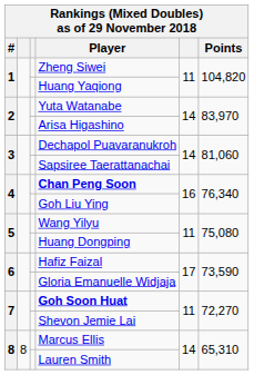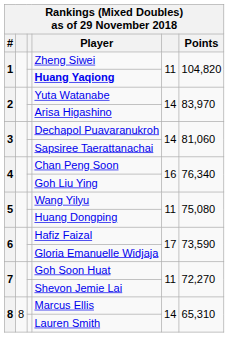 <table class="sortable wikitable">
 <tr>
 <th colspan="6">Rankings (Mixed Doubles)<br>as of 29 November 2018</th>
 </tr>
 <tr>
 <th>#</th>
 <th></th>
 <th></th>
 <th>Player</th>
 <th></th>
 <th>Points</th>
 </tr>
 <tr>
 <th rowspan="2">1</th>
 <td rowspan="2" align="center"></td>
 <td></td>
 <td><a href='#'>Zheng Siwei</a></td>
 <td align="center" rowspan="2">11</td>
 <td rowspan="2">104,820</td>
 </tr>
 <tr>
 <td></td>
-<td><a href='#'>Huang Yaqiong</a></td>
+<td><strong><a href='#'>Huang Yaqiong</a></strong></td>
 </tr>
 <tr>
 <th rowspan="2">2</th>
 <td rowspan="2" align="center"></td>
 <td></td>
 <td><a href='#'>Yuta Watanabe</a></td>
 <td align="center" rowspan="2">14</td>
 <td rowspan="2">83,970</td>
 </tr>
 <tr>
 <td></td>
 <td><a href='#'>Arisa Higashino</a></td>
 </tr>
 <tr>
 <th rowspan="2">3</th>
 <td rowspan="2" align="center"></td>
 <td></td>
 <td><a href='#'>Dechapol Puavaranukroh</a></td>
 <td align="center" rowspan="2">14</td>
 <td rowspan="2">81,060</td>
 </tr>
 <tr>
 <td></td>
 <td><a href='#'>Sapsiree Taerattanachai</a></td>
 </tr>
 <tr>
 <th rowspan="2">4</th>
 <td rowspan="2" align="center"></td>
 <td></td>
-<td><strong><a href='#'>Chan Peng Soon</a></strong></td>
+<td><a href='#'>Chan Peng Soon</a></td>
 <td align="center" rowspan="2">16</td>
 <td rowspan="2">76,340</td>
 </tr>
 <tr>
 <td></td>
 <td><a href='#'>Goh Liu Ying</a></td>
 </tr>
 <tr>
 <th rowspan="2">5</th>
 <td rowspan="2" align="center"></td>
 <td></td>
 <td><a href='#'>Wang Yilyu</a></td>
 <td align="center" rowspan="2">11</td>
 <td rowspan="2">75,080</td>
 </tr>
 <tr>
 <td></td>
 <td><a href='#'>Huang Dongping</a></td>
 </tr>
 <tr>
 <th rowspan="2">6</th>
 <td rowspan="2" align="center"></td>
 <td></td>
 <td><a href='#'>Hafiz Faizal</a></td>
 <td align="center" rowspan="2">17</td>
 <td rowspan="2">73,590</td>
 </tr>
 <tr>
 <td></td>
 <td><a href='#'>Gloria Emanuelle Widjaja</a></td>
 </tr>
 <tr>
 <th rowspan="2">7</th>
 <td rowspan="2" align="center"></td>
 <td></td>
-<td><strong><a href='#'>Goh Soon Huat</a></strong></td>
+<td><a href='#'>Goh Soon Huat</a></td>
 <td align="center" rowspan="2">11</td>
 <td rowspan="2">72,270</td>
 </tr>
 <tr>
 <td></td>
 <td><a href='#'>Shevon Jemie Lai</a></td>
 </tr>
 <tr>
 <th rowspan="2">8</th>
 <td rowspan="2" align="center"> 8</td>
 <td></td>
 <td><a href='#'>Marcus Ellis</a></td>
 <td align="center" rowspan="2">14</td>
 <td rowspan="2">65,310</td>
 </tr>
 <tr>
 <td></td>
 <td><a href='#'>Lauren Smith</a></td>
 </tr>
 </table>
